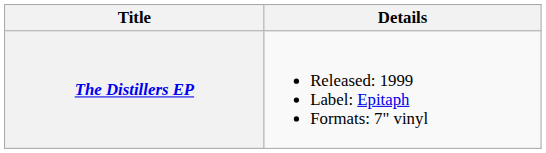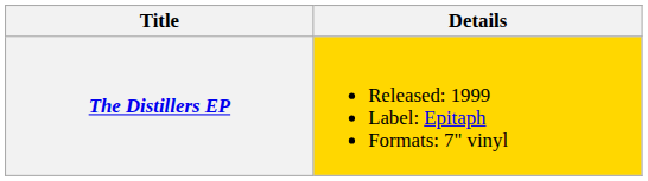 <table class="wikitable plainrowheaders" style="text-align:center;">
 <tr>
 <th scope="col" style="width:15em;">Title</th>
 <th scope="col" style="width:16em;">Details</th>
 </tr>
 <tr>
 <th scope="row"><em><a href='#'>The Distillers EP</a></em></th>
-<td style="text-align:left;"><br><ul><li>Released: 1999</li><li>Label: <a href='#'>Epitaph</a></li><li>Formats: 7" vinyl</li></ul></td>
+<td style="background: gold; text-align:left;"><br><ul><li>Released: 1999</li><li>Label: <a href='#'>Epitaph</a></li><li>Formats: 7" vinyl</li></ul></td>
 </tr>
 </table>
